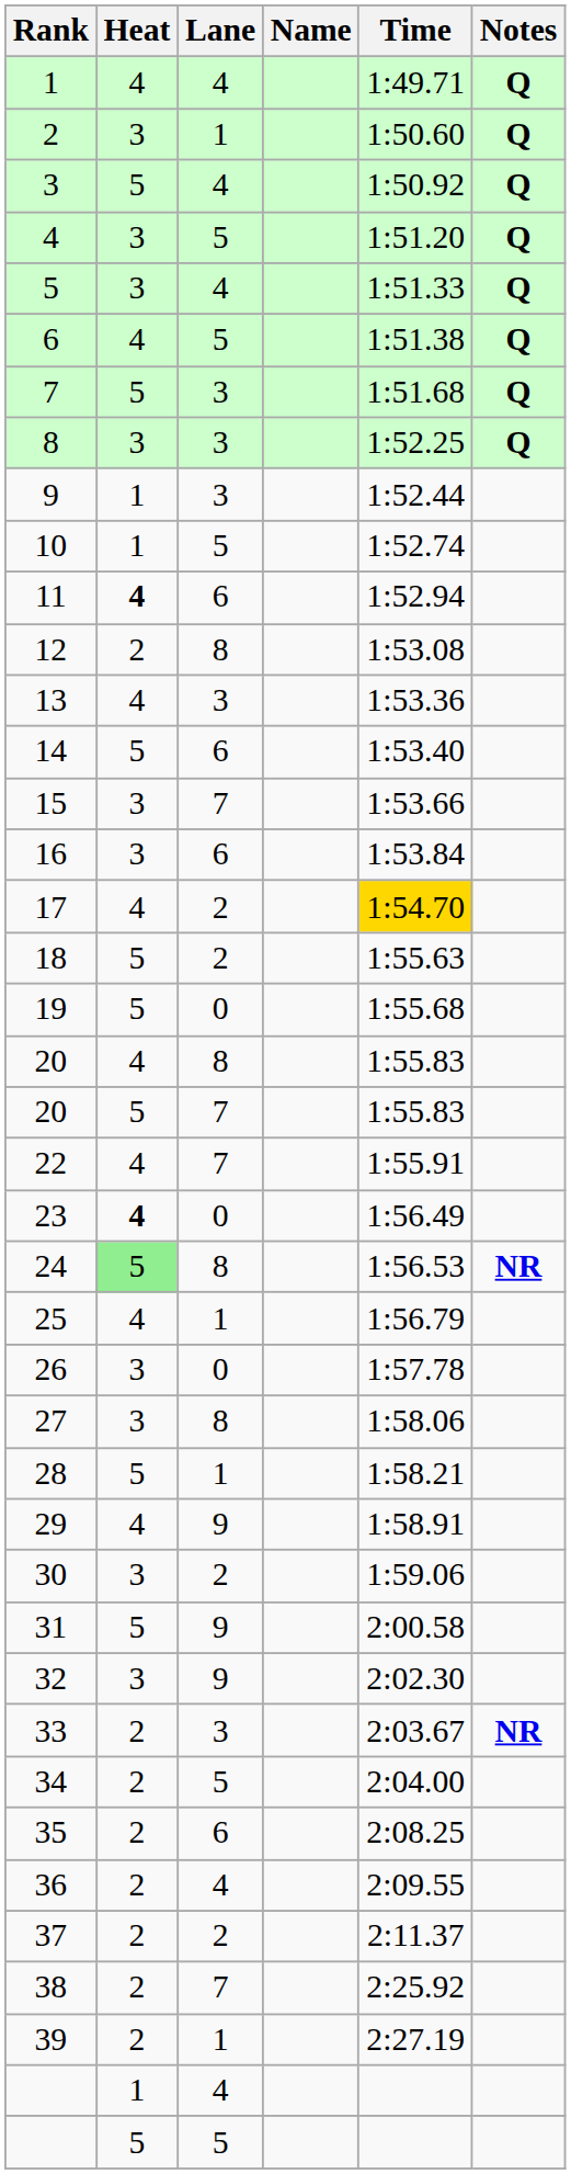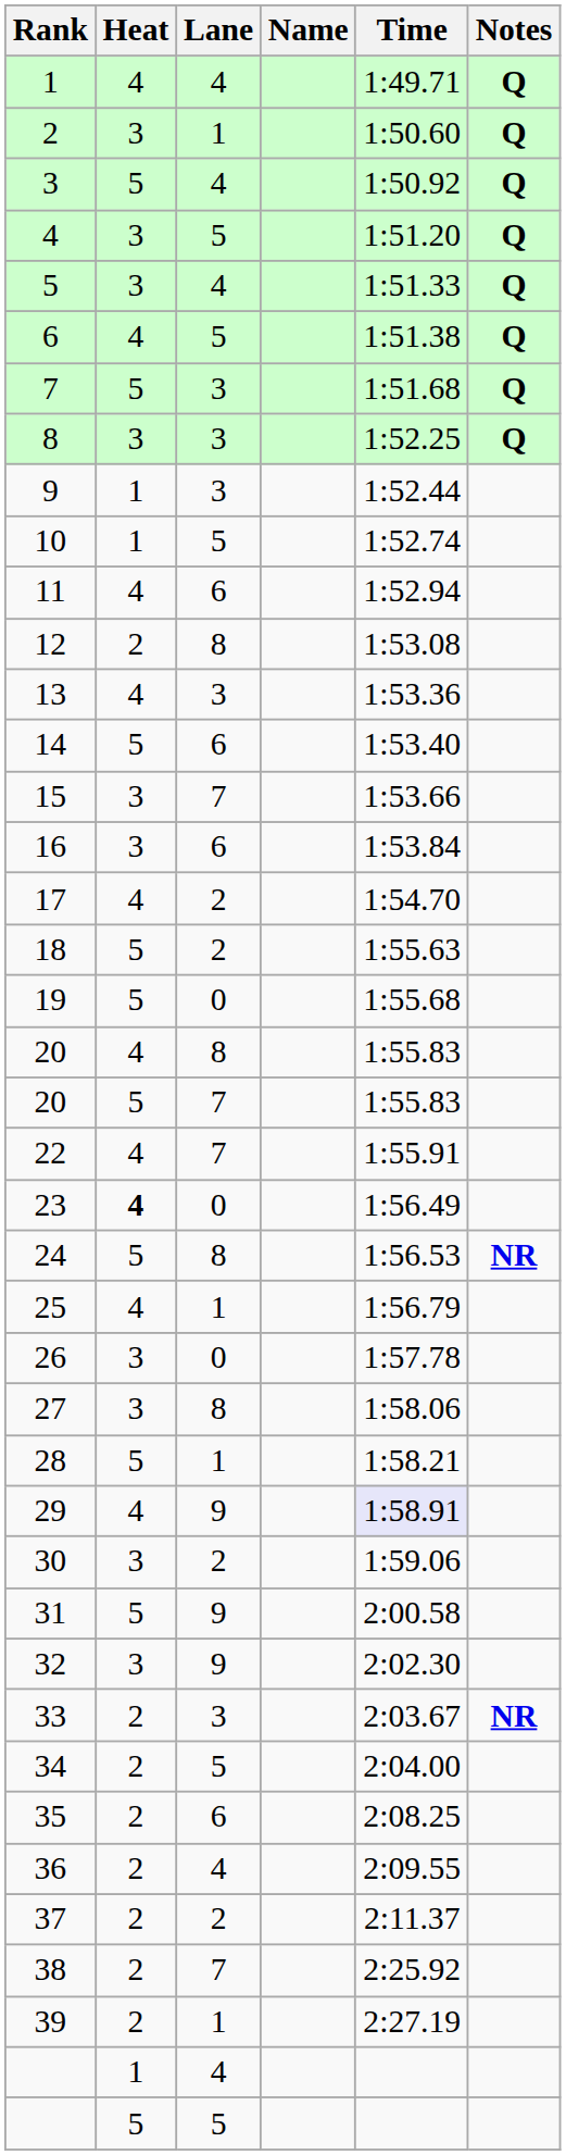 <table class="wikitable sortable" style="text-align:center">
 <tr>
 <th>Rank</th>
 <th>Heat</th>
 <th>Lane</th>
 <th>Name</th>
 <th>Time</th>
 <th>Notes</th>
 </tr>
 <tr bgcolor=ccffcc>
 <td>1</td>
 <td>4</td>
 <td>4</td>
 <td align=left></td>
 <td>1:49.71</td>
 <td><strong>Q</strong></td>
 </tr>
 <tr bgcolor=ccffcc>
 <td>2</td>
 <td>3</td>
 <td>1</td>
 <td align=left></td>
 <td>1:50.60</td>
 <td><strong>Q</strong></td>
 </tr>
 <tr bgcolor=ccffcc>
 <td>3</td>
 <td>5</td>
 <td>4</td>
 <td align=left></td>
 <td>1:50.92</td>
 <td><strong>Q</strong></td>
 </tr>
 <tr bgcolor=ccffcc>
 <td>4</td>
 <td>3</td>
 <td>5</td>
 <td align=left></td>
 <td>1:51.20</td>
 <td><strong>Q</strong></td>
 </tr>
 <tr bgcolor=ccffcc>
 <td>5</td>
 <td>3</td>
 <td>4</td>
 <td align=left></td>
 <td>1:51.33</td>
 <td><strong>Q</strong></td>
 </tr>
 <tr bgcolor=ccffcc>
 <td>6</td>
 <td>4</td>
 <td>5</td>
 <td align=left></td>
 <td>1:51.38</td>
 <td><strong>Q</strong></td>
 </tr>
 <tr bgcolor=ccffcc>
 <td>7</td>
 <td>5</td>
 <td>3</td>
 <td align=left></td>
 <td>1:51.68</td>
 <td><strong>Q</strong></td>
 </tr>
 <tr bgcolor=ccffcc>
 <td>8</td>
 <td>3</td>
 <td>3</td>
 <td align=left></td>
 <td>1:52.25</td>
 <td><strong>Q</strong></td>
 </tr>
 <tr>
 <td>9</td>
 <td>1</td>
 <td>3</td>
 <td align=left></td>
 <td>1:52.44</td>
 <td></td>
 </tr>
 <tr>
 <td>10</td>
 <td>1</td>
 <td>5</td>
 <td align=left></td>
 <td>1:52.74</td>
 <td></td>
 </tr>
 <tr>
 <td>11</td>
-<td><strong>4</strong></td>
+<td>4</td>
 <td>6</td>
 <td align=left></td>
 <td>1:52.94</td>
 <td></td>
 </tr>
 <tr>
 <td>12</td>
 <td>2</td>
 <td>8</td>
 <td align=left></td>
 <td>1:53.08</td>
 <td></td>
 </tr>
 <tr>
 <td>13</td>
 <td>4</td>
 <td>3</td>
 <td align=left></td>
 <td>1:53.36</td>
 <td></td>
 </tr>
 <tr>
 <td>14</td>
 <td>5</td>
 <td>6</td>
 <td align=left></td>
 <td>1:53.40</td>
 <td></td>
 </tr>
 <tr>
 <td>15</td>
 <td>3</td>
 <td>7</td>
 <td align=left></td>
 <td>1:53.66</td>
 <td></td>
 </tr>
 <tr>
 <td>16</td>
 <td>3</td>
 <td>6</td>
 <td align=left></td>
 <td>1:53.84</td>
 <td></td>
 </tr>
 <tr>
 <td>17</td>
 <td>4</td>
 <td>2</td>
 <td align=left></td>
-<td style="background: gold;">1:54.70</td>
+<td>1:54.70</td>
 <td></td>
 </tr>
 <tr>
 <td>18</td>
 <td>5</td>
 <td>2</td>
 <td align=left></td>
 <td>1:55.63</td>
 <td></td>
 </tr>
 <tr>
 <td>19</td>
 <td>5</td>
 <td>0</td>
 <td align=left></td>
 <td>1:55.68</td>
 <td></td>
 </tr>
 <tr>
 <td>20</td>
 <td>4</td>
 <td>8</td>
 <td align=left></td>
 <td>1:55.83</td>
 <td></td>
 </tr>
 <tr>
 <td>20</td>
 <td>5</td>
 <td>7</td>
 <td align=left></td>
 <td>1:55.83</td>
 <td></td>
 </tr>
 <tr>
 <td>22</td>
 <td>4</td>
 <td>7</td>
 <td align=left></td>
 <td>1:55.91</td>
 <td></td>
 </tr>
 <tr>
 <td>23</td>
 <td><strong>4</strong></td>
 <td>0</td>
 <td align=left></td>
 <td>1:56.49</td>
 <td></td>
 </tr>
 <tr>
 <td>24</td>
-<td style="background: lightgreen;">5</td>
+<td>5</td>
 <td>8</td>
 <td align=left></td>
 <td>1:56.53</td>
 <td><strong><a href='#'>NR</a></strong></td>
 </tr>
 <tr>
 <td>25</td>
 <td>4</td>
 <td>1</td>
 <td align=left></td>
 <td>1:56.79</td>
 <td></td>
 </tr>
 <tr>
 <td>26</td>
 <td>3</td>
 <td>0</td>
 <td align=left></td>
 <td>1:57.78</td>
 <td></td>
 </tr>
 <tr>
 <td>27</td>
 <td>3</td>
 <td>8</td>
 <td align=left></td>
 <td>1:58.06</td>
 <td></td>
 </tr>
 <tr>
 <td>28</td>
 <td>5</td>
 <td>1</td>
 <td align=left></td>
 <td>1:58.21</td>
 <td></td>
 </tr>
 <tr>
 <td>29</td>
 <td>4</td>
 <td>9</td>
 <td align=left></td>
-<td>1:58.91</td>
+<td style="background: lavender;">1:58.91</td>
 <td></td>
 </tr>
 <tr>
 <td>30</td>
 <td>3</td>
 <td>2</td>
 <td align=left></td>
 <td>1:59.06</td>
 <td></td>
 </tr>
 <tr>
 <td>31</td>
 <td>5</td>
 <td>9</td>
 <td align=left></td>
 <td>2:00.58</td>
 <td></td>
 </tr>
 <tr>
 <td>32</td>
 <td>3</td>
 <td>9</td>
 <td align=left></td>
 <td>2:02.30</td>
 <td></td>
 </tr>
 <tr>
 <td>33</td>
 <td>2</td>
 <td>3</td>
 <td align=left></td>
 <td>2:03.67</td>
 <td><strong><a href='#'>NR</a></strong></td>
 </tr>
 <tr>
 <td>34</td>
 <td>2</td>
 <td>5</td>
 <td align=left></td>
 <td>2:04.00</td>
 <td></td>
 </tr>
 <tr>
 <td>35</td>
 <td>2</td>
 <td>6</td>
 <td align=left></td>
 <td>2:08.25</td>
 <td></td>
 </tr>
 <tr>
 <td>36</td>
 <td>2</td>
 <td>4</td>
 <td align=left></td>
 <td>2:09.55</td>
 <td></td>
 </tr>
 <tr>
 <td>37</td>
 <td>2</td>
 <td>2</td>
 <td align=left></td>
 <td>2:11.37</td>
 <td></td>
 </tr>
 <tr>
 <td>38</td>
 <td>2</td>
 <td>7</td>
 <td align=left></td>
 <td>2:25.92</td>
 <td></td>
 </tr>
 <tr>
 <td>39</td>
 <td>2</td>
 <td>1</td>
 <td align=left></td>
 <td>2:27.19</td>
 <td></td>
 </tr>
 <tr>
 <td></td>
 <td>1</td>
 <td>4</td>
 <td align=left></td>
 <td></td>
 <td></td>
 </tr>
 <tr>
 <td></td>
 <td>5</td>
 <td>5</td>
 <td align=left></td>
 <td></td>
 <td></td>
 </tr>
 </table>
